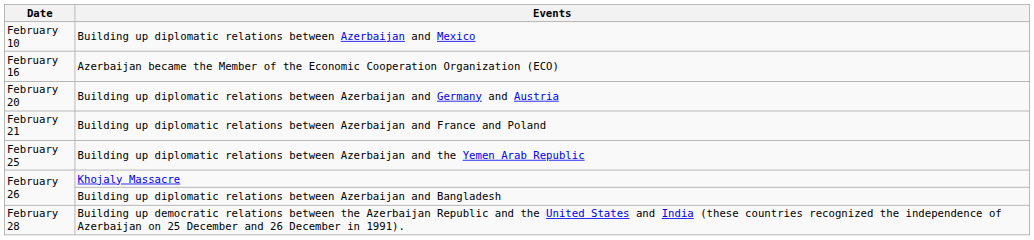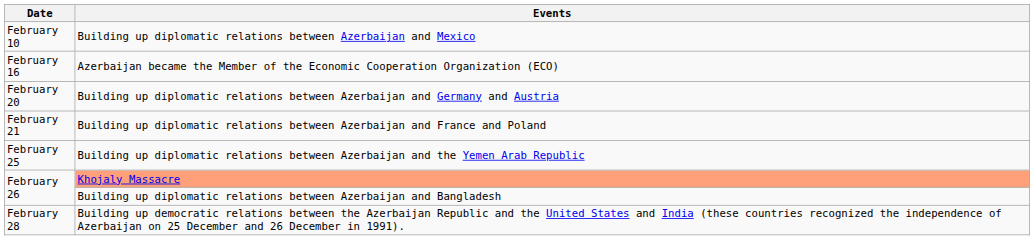 <table class="wikitable">
 <tr>
 <th>Date</th>
 <th>Events</th>
 </tr>
 <tr>
 <td>February 10</td>
 <td>Building up diplomatic relations between <a href='#'>Azerbaijan</a> and <a href='#'>Mexico</a></td>
 </tr>
 <tr>
 <td>February 16</td>
 <td>Azerbaijan became the Member of the Economic Cooperation Organization (ECO)</td>
 </tr>
 <tr>
 <td>February 20</td>
 <td>Building up diplomatic relations between Azerbaijan and <a href='#'>Germany</a> and <a href='#'>Austria</a>  </td>
 </tr>
 <tr>
 <td>February 21</td>
 <td>Building up diplomatic relations between Azerbaijan and France and Poland</td>
 </tr>
 <tr>
 <td>February 25</td>
 <td>Building up diplomatic relations between Azerbaijan and the <a href='#'>Yemen Arab Republic</a></td>
 </tr>
 <tr>
 <td rowspan="2">February 26</td>
-<td><a href='#'>Khojaly Massacre</a></td>
+<td style="background: lightsalmon;"><a href='#'>Khojaly Massacre</a></td>
 </tr>
 <tr>
 <td>Building up diplomatic relations between Azerbaijan and Bangladesh </td>
 </tr>
 <tr>
 <td>February 28</td>
 <td>Building up democratic relations between the Azerbaijan Republic and the <a href='#'>United States</a> and <a href='#'>India</a> (these countries recognized the independence of Azerbaijan on 25 December and 26 December in 1991).</td>
 </tr>
 </table>
